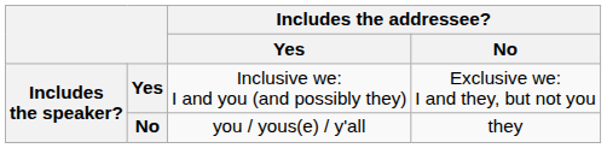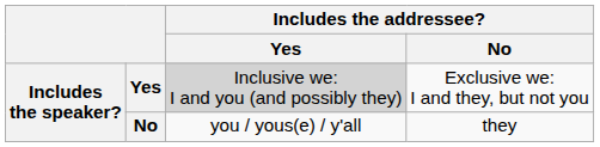 <table class="wikitable" style="text-align:center">
 <tr>
 <th rowspan="2" colspan="2"></th>
 <th colspan="2" scope="col">Includes the addressee?</th>
 </tr>
 <tr>
 <th scope="col">Yes</th>
 <th scope="col">No</th>
 </tr>
 <tr>
 <th scope="row" rowspan="2">Includes<br>the speaker?</th>
 <th scope="row">Yes</th>
-<td>Inclusive we:<br>I and you (and possibly they)</td>
+<td style="background: lightgrey;">Inclusive we:<br>I and you (and possibly they)</td>
 <td>Exclusive we:<br>I and they, but not you</td>
 </tr>
 <tr>
 <th scope="row">No</th>
 <td>you / yous(e) / y'all</td>
 <td>they</td>
 </tr>
 </table>
